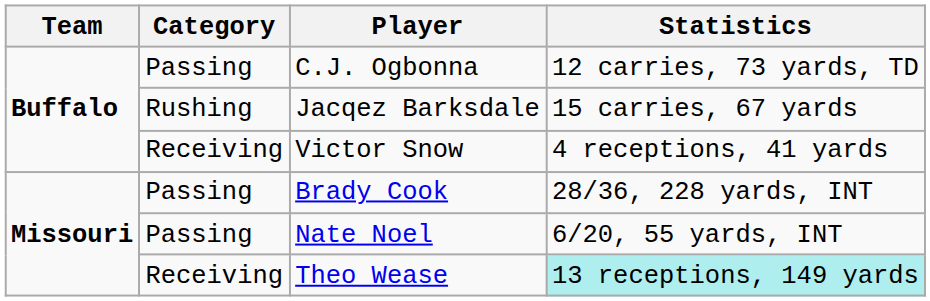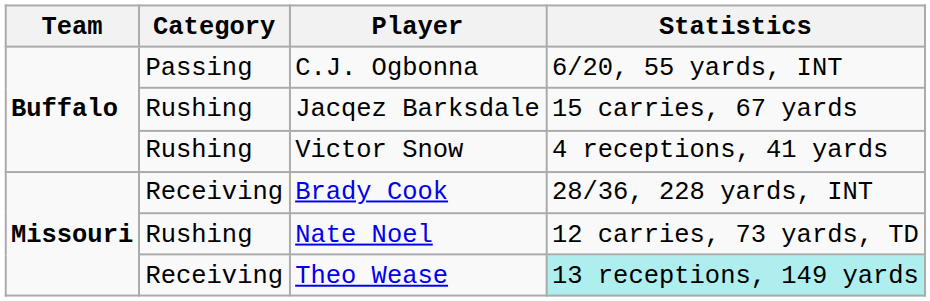 <table class="wikitable" style="float: right;">
 <tr>
 <th>Team</th>
 <th>Category</th>
 <th>Player</th>
 <th>Statistics</th>
 </tr>
 <tr>
 <td rowspan=3><strong>Buffalo</strong></td>
 <td>Passing</td>
 <td>C.J. Ogbonna</td>
-<td>12 carries, 73 yards, TD</td>
+<td>6/20, 55 yards, INT</td>
 </tr>
 <tr>
 <td>Rushing</td>
 <td>Jacqez Barksdale</td>
 <td>15 carries, 67 yards</td>
 </tr>
 <tr>
-<td>Receiving</td>
+<td>Rushing</td>
 <td>Victor Snow</td>
 <td>4 receptions, 41 yards</td>
 </tr>
 <tr>
 <td rowspan=3><strong>Missouri</strong></td>
-<td>Passing</td>
+<td>Receiving</td>
 <td><a href='#'>Brady Cook</a></td>
 <td>28/36, 228 yards, INT</td>
 </tr>
 <tr>
-<td>Passing</td>
+<td>Rushing</td>
 <td><a href='#'>Nate Noel</a></td>
-<td>6/20, 55 yards, INT</td>
+<td>12 carries, 73 yards, TD</td>
 </tr>
 <tr>
 <td>Receiving</td>
 <td><a href='#'>Theo Wease</a></td>
 <td style="background: paleturquoise;">13 receptions, 149 yards</td>
 </tr>
 </table>
